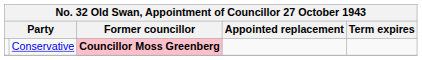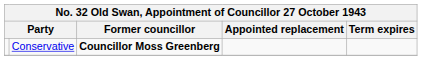 <table class="wikitable">
 <tr>
 <th colspan="5"><strong>No. 32 Old Swan, Appointment of Councillor 27 October 1943</strong></th>
 </tr>
 <tr>
 <th colspan="2">Party</th>
 <th>Former councillor</th>
 <th>Appointed replacement</th>
 <th>Term expires</th>
 </tr>
 <tr>
 <td style="background-color:"></td>
 <td><a href='#'>Conservative</a></td>
-<td style="background: pink;"><strong>Councillor Moss Greenberg</strong></td>
+<td><strong>Councillor Moss Greenberg</strong></td>
 <td></td>
 <td></td>
 </tr>
 <tr>
 </tr>
 </table>
